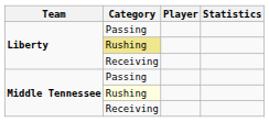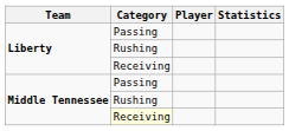 <table class="wikitable" style="float: left;">
 <tr>
 <th>Team</th>
 <th>Category</th>
 <th>Player</th>
 <th>Statistics</th>
 </tr>
 <tr>
 <td rowspan=3><strong>Liberty</strong></td>
 <td>Passing</td>
 <td></td>
 <td></td>
 </tr>
 <tr>
-<td style="background: khaki;">Rushing</td>
+<td>Rushing</td>
 <td></td>
 <td></td>
 </tr>
 <tr>
 <td>Receiving</td>
 <td></td>
 <td></td>
 </tr>
 <tr>
 <td rowspan=3><strong>Middle Tennessee</strong></td>
 <td>Passing</td>
 <td></td>
 <td></td>
 </tr>
 <tr>
-<td style="background: lightyellow;">Rushing</td>
+<td>Rushing</td>
 <td></td>
 <td></td>
 </tr>
 <tr>
-<td>Receiving</td>
+<td style="background: lightyellow;">Receiving</td>
 <td></td>
 <td></td>
 </tr>
 </table>
